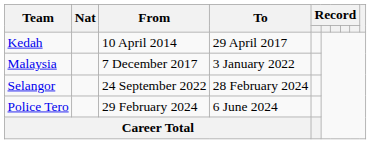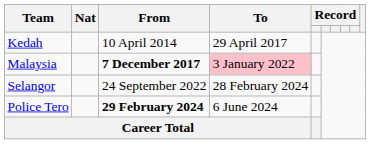 <table class=wikitable style="text-align: center;">
 <tr>
 <th rowspan=2>Team</th>
 <th rowspan=2>Nat</th>
 <th rowspan=2>From</th>
 <th rowspan=2>To</th>
 <th colspan=5>Record</th>
 <th rowspan="2"></th>
 </tr>
 <tr>
 <th></th>
 <th></th>
 <th></th>
 <th></th>
 <th></th>
 </tr>
 <tr>
 <td align="left"><a href='#'>Kedah</a></td>
 <td></td>
 <td align="left">10 April 2014</td>
 <td align="left">29 April 2017<br></td>
 <td></td>
 </tr>
 <tr>
 <td align="left"><a href='#'>Malaysia</a></td>
 <td></td>
-<td align="left">7 December 2017</td>
-<td align="left">3 January 2022<br></td>
+<td align="left"><strong>7 December 2017</strong></td>
+<td align="left" style="background: pink;">3 January 2022<br></td>
 <td></td>
 </tr>
 <tr>
 <td align="left"><a href='#'>Selangor</a></td>
 <td></td>
 <td align="left">24 September 2022</td>
 <td align="left">28 February 2024<br></td>
 <td></td>
 </tr>
 <tr>
 <td align="left"><a href='#'>Police Tero</a></td>
 <td></td>
-<td align="left">29 February 2024</td>
+<td align="left"><strong>29 February 2024</strong></td>
 <td align="left">6 June 2024<br></td>
 <td></td>
 </tr>
 <tr>
 <th colspan="4">Career Total<br></th>
 <th></th>
 </tr>
 </table>
